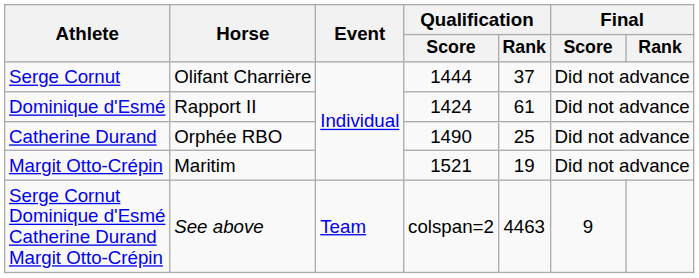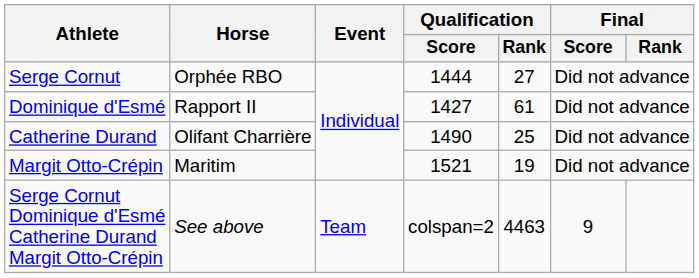 <table class=wikitable style="font-size:90%">
 <tr>
 <th rowspan="2">Athlete</th>
 <th rowspan="2">Horse</th>
 <th rowspan="2">Event</th>
 <th colspan="2">Qualification</th>
 <th colspan="2">Final</th>
 </tr>
 <tr style="font-size:95%">
 <th>Score</th>
 <th>Rank</th>
 <th>Score</th>
 <th>Rank</th>
 </tr>
 <tr align=center>
 <td align=left><a href='#'>Serge Cornut</a></td>
-<td align=left>Olifant Charrière</td>
+<td align=left>Orphée RBO</td>
 <td align=left rowspan=4><a href='#'>Individual</a></td>
 <td>1444</td>
-<td>37</td>
+<td>27</td>
 <td colspan=2>Did not advance</td>
 </tr>
 <tr align=center>
 <td align=left><a href='#'>Dominique d'Esmé</a></td>
 <td align=left>Rapport II</td>
-<td>1424</td>
+<td>1427</td>
 <td>61</td>
 <td colspan=2>Did not advance</td>
 </tr>
 <tr align=center>
 <td align=left><a href='#'>Catherine Durand</a></td>
-<td align=left>Orphée RBO</td>
+<td align=left>Olifant Charrière</td>
 <td>1490</td>
 <td>25</td>
 <td colspan=2>Did not advance</td>
 </tr>
 <tr align=center>
 <td align=left><a href='#'>Margit Otto-Crépin</a></td>
 <td align=left>Maritim</td>
 <td>1521</td>
 <td>19</td>
 <td colspan=2>Did not advance</td>
 </tr>
 <tr align=center>
 <td align=left><a href='#'>Serge Cornut</a><br><a href='#'>Dominique d'Esmé</a><br><a href='#'>Catherine Durand</a><br><a href='#'>Margit Otto-Crépin</a></td>
 <td align=left><em>See above</em></td>
 <td align=left rowspan=4><a href='#'>Team</a></td>
 <td>colspan=2</td>
 <td>4463</td>
 <td>9</td>
 </tr>
 </table>
